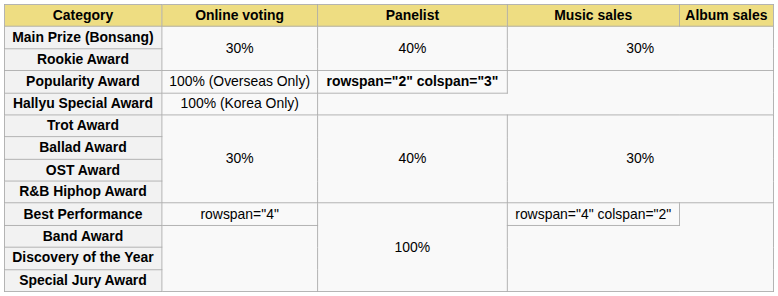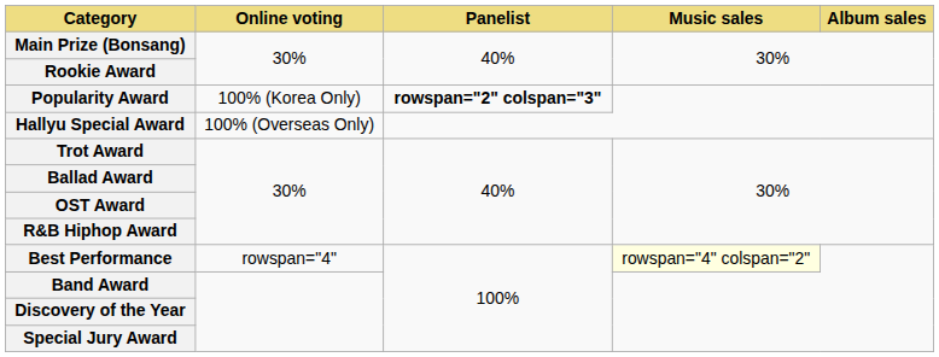 <table class="wikitable" style="text-align:center; width:70%">
 <tr>
 <th scope="col" style="background:#EEDD82">Category</th>
 <th scope="col" style="background:#EEDD82">Online voting</th>
 <th scope="col" style="background:#EEDD82">Panelist</th>
 <th scope="col" style="background:#EEDD82">Music sales</th>
 <th scope="col" style="background:#EEDD82">Album sales</th>
 </tr>
 <tr>
 <th scope="col">Main Prize (Bonsang)</th>
 <td rowspan="2">30%</td>
 <td rowspan="2">40%</td>
 <td rowspan="2" colspan="2">30%</td>
 </tr>
 <tr>
 <th scope="col">Rookie Award</th>
 </tr>
 <tr>
 <th scope="col">Popularity Award</th>
-<td>100% (Overseas Only)</td>
+<td>100% (Korea Only)</td>
 <td><strong>rowspan="2" colspan="3" </strong></td>
 </tr>
 <tr>
 <th scope="col">Hallyu Special Award</th>
-<td>100% (Korea Only)</td>
+<td>100% (Overseas Only)</td>
 </tr>
 <tr>
 <th scope="col">Trot Award</th>
 <td rowspan="4">30%</td>
 <td rowspan="4">40%</td>
 <td rowspan="4" colspan="2">30%</td>
 </tr>
 <tr>
 <th scope="col">Ballad Award</th>
 </tr>
 <tr>
 <th scope="col">OST Award</th>
 </tr>
 <tr>
 <th scope="col">R&B Hiphop Award</th>
 </tr>
 <tr>
 <th scope="col">Best Performance</th>
 <td>rowspan="4" </td>
 <td rowspan="4">100%</td>
-<td>rowspan="4" colspan="2" </td>
+<td style="background: lightyellow;">rowspan="4" colspan="2" </td>
 </tr>
 <tr>
 <th scope="col">Band Award</th>
 </tr>
 <tr>
 <th scope="col">Discovery of the Year</th>
 </tr>
 <tr>
 <th scope="col">Special Jury Award</th>
 </tr>
 </table>
